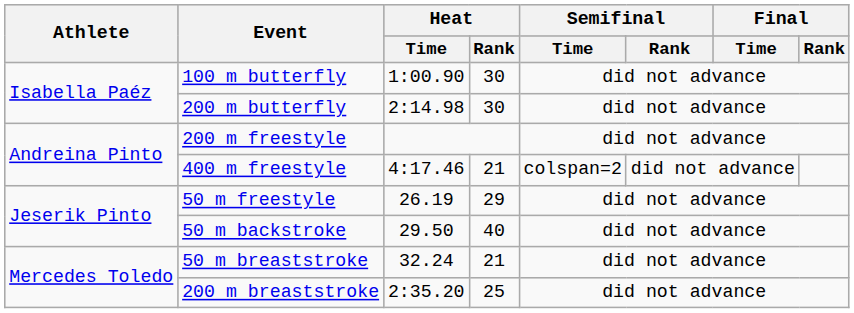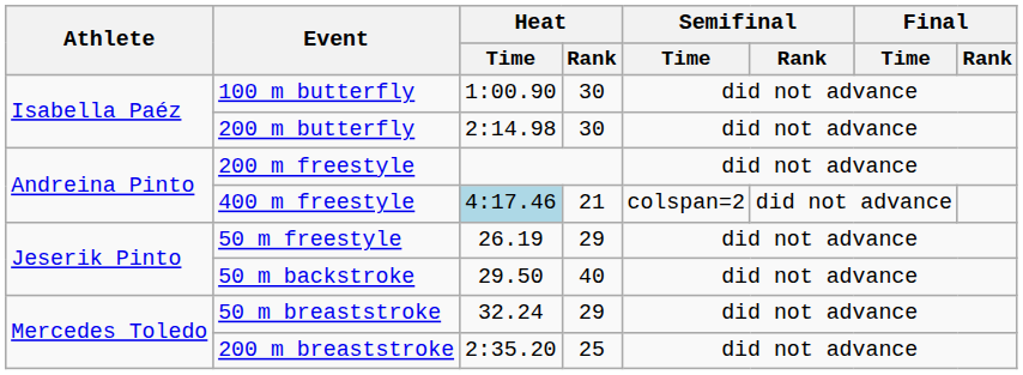 <table class=wikitable style="font-size:90%">
 <tr>
 <th rowspan="2">Athlete</th>
 <th rowspan="2">Event</th>
 <th colspan="2">Heat</th>
 <th colspan="2">Semifinal</th>
 <th colspan="2">Final</th>
 </tr>
 <tr style="font-size:95%">
 <th>Time</th>
 <th>Rank</th>
 <th>Time</th>
 <th>Rank</th>
 <th>Time</th>
 <th>Rank</th>
 </tr>
 <tr align=center>
 <td align=left rowspan=2><a href='#'>Isabella Paéz</a></td>
 <td align=left><a href='#'>100 m butterfly</a></td>
 <td>1:00.90</td>
 <td>30</td>
 <td colspan=4>did not advance</td>
 </tr>
 <tr align=center>
 <td align=left><a href='#'>200 m butterfly</a></td>
 <td>2:14.98</td>
 <td>30</td>
 <td colspan=4>did not advance</td>
 </tr>
 <tr align=center>
 <td align=left rowspan=2><a href='#'>Andreina Pinto</a></td>
 <td align=left><a href='#'>200 m freestyle</a></td>
 <td colspan=2></td>
 <td colspan=4>did not advance</td>
 </tr>
 <tr align=center>
 <td align=left><a href='#'>400 m freestyle</a></td>
-<td>4:17.46</td>
+<td style="background: lightblue;">4:17.46</td>
 <td>21</td>
 <td>colspan=2 </td>
 <td colspan=2>did not advance</td>
 </tr>
 <tr align=center>
 <td align=left rowspan=2><a href='#'>Jeserik Pinto</a></td>
 <td align=left><a href='#'>50 m freestyle</a></td>
 <td>26.19</td>
 <td>29</td>
 <td colspan=4>did not advance</td>
 </tr>
 <tr align=center>
 <td align=left><a href='#'>50 m backstroke</a></td>
 <td>29.50</td>
 <td>40</td>
 <td colspan=4>did not advance</td>
 </tr>
 <tr align=center>
 <td align=left rowspan=2><a href='#'>Mercedes Toledo</a></td>
 <td align=left><a href='#'>50 m breaststroke</a></td>
 <td>32.24</td>
-<td>21</td>
+<td>29</td>
 <td colspan=4>did not advance</td>
 </tr>
 <tr align=center>
 <td align=left><a href='#'>200 m breaststroke</a></td>
 <td>2:35.20</td>
 <td>25</td>
 <td colspan=4>did not advance</td>
 </tr>
 </table>
